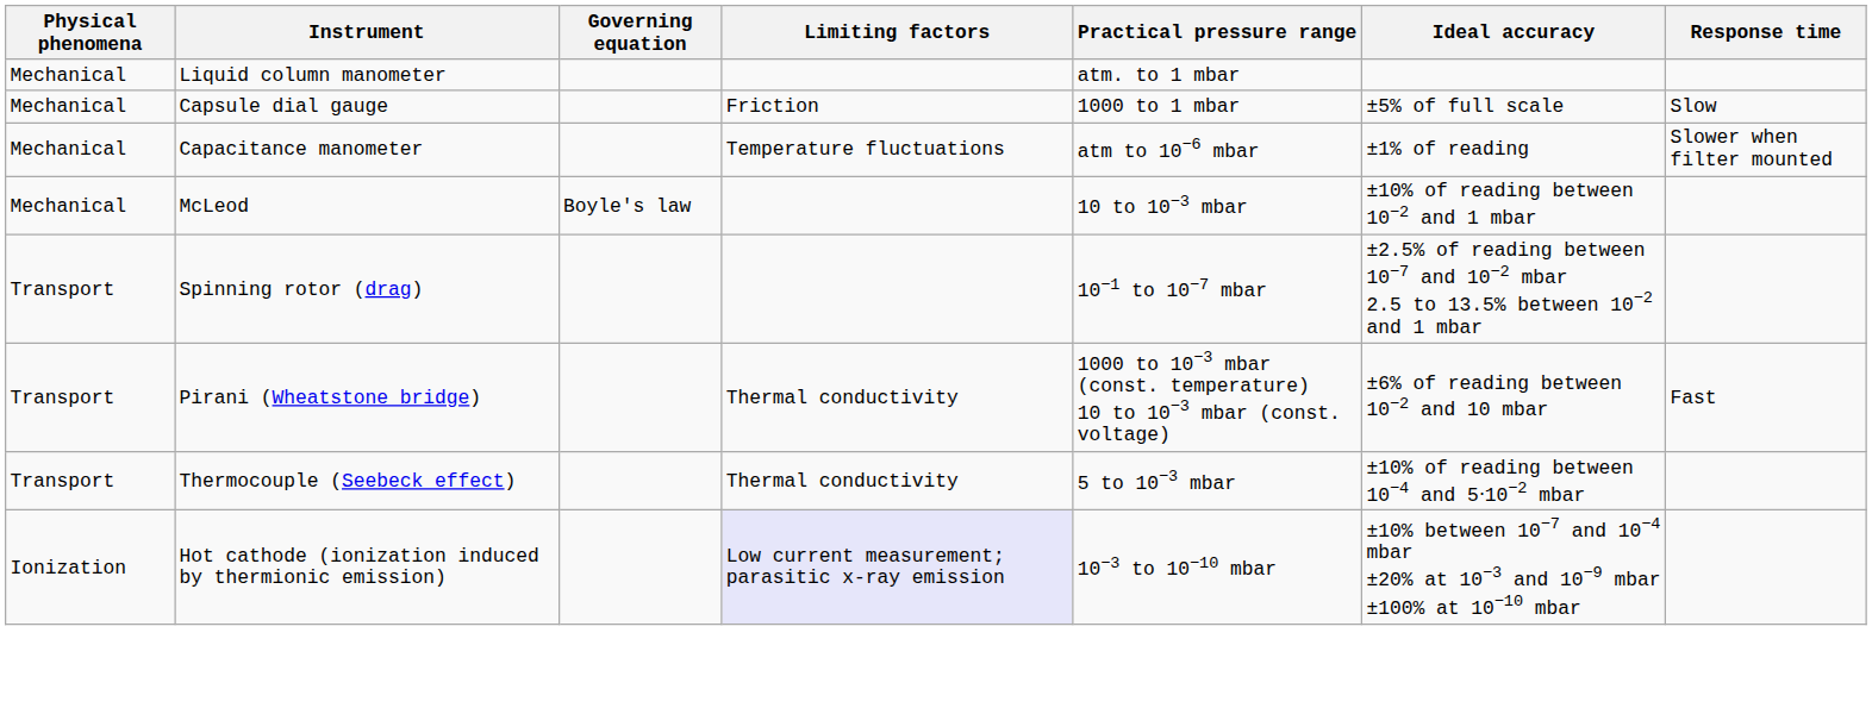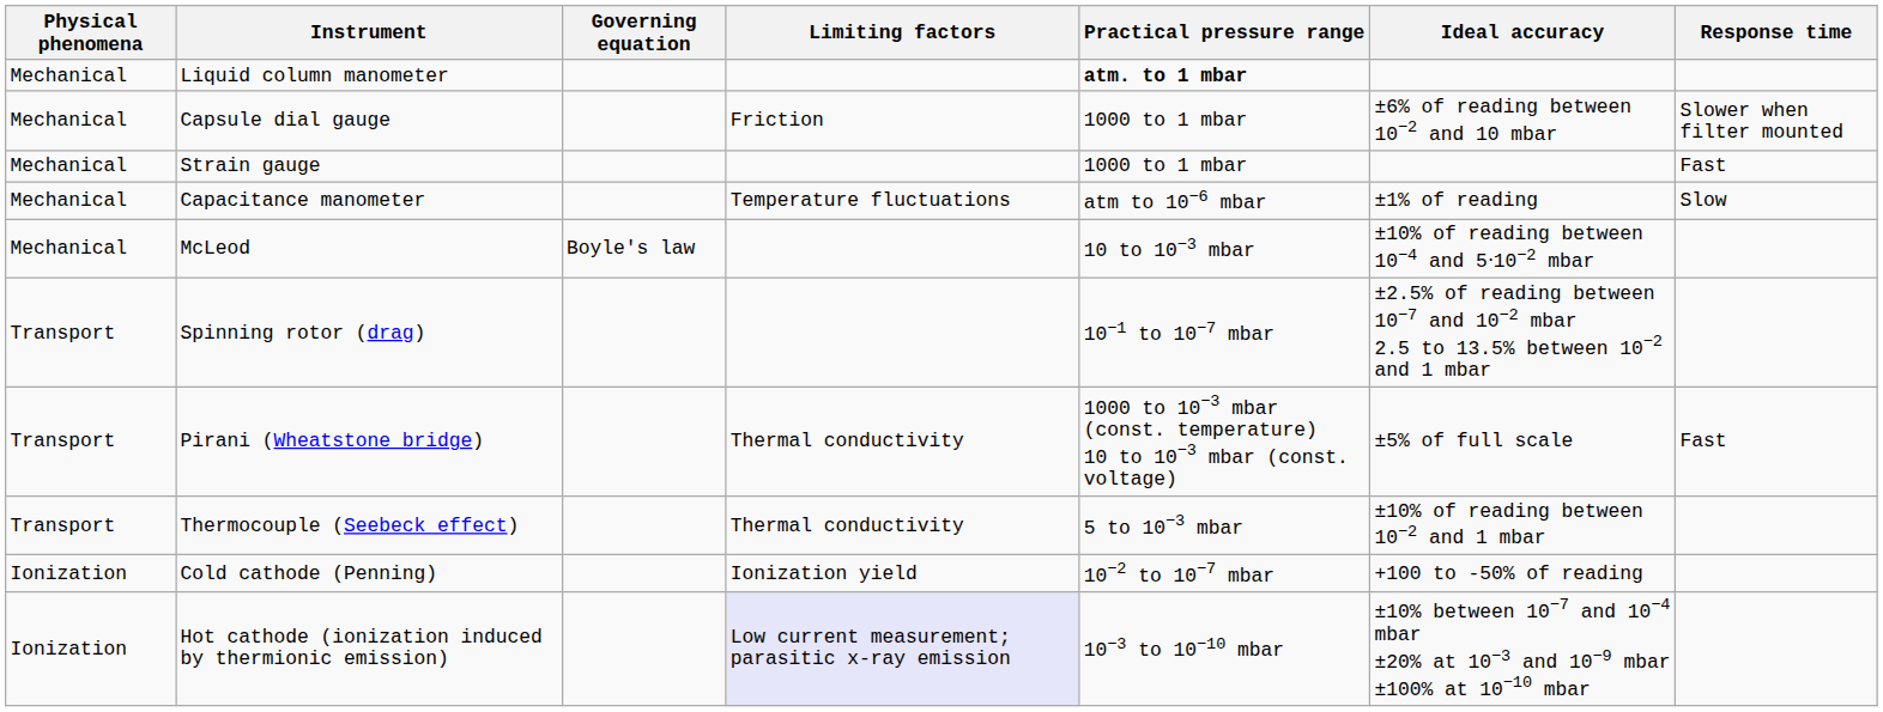 <table class="wikitable mw-collapsible">
 <tr>
 <th>Physical phenomena</th>
 <th>Instrument</th>
 <th>Governing equation</th>
 <th>Limiting factors</th>
 <th>Practical pressure range</th>
 <th>Ideal accuracy</th>
 <th>Response time</th>
 </tr>
 <tr>
 <td>Mechanical</td>
 <td>Liquid column manometer</td>
 <td></td>
 <td></td>
-<td>atm. to 1 mbar</td>
+<td><strong>atm. to 1 mbar</strong></td>
 <td></td>
 <td></td>
 </tr>
 <tr>
 <td>Mechanical</td>
 <td>Capsule dial gauge</td>
 <td></td>
 <td>Friction</td>
 <td>1000 to 1 mbar</td>
-<td>±5% of full scale</td>
-<td>Slow</td>
+<td>±6% of reading between 10<sup>−2</sup> and 10 mbar</td>
+<td>Slower when filter mounted</td>
+</tr>
+<tr>
+<td>Mechanical</td>
+<td>Strain gauge</td>
+<td></td>
+<td></td>
+<td>1000 to 1 mbar</td>
+<td></td>
+<td>Fast</td>
 </tr>
 <tr>
 <td>Mechanical</td>
 <td>Capacitance manometer</td>
 <td></td>
 <td>Temperature fluctuations</td>
 <td>atm to 10<sup>−6</sup> mbar</td>
 <td>±1% of reading</td>
-<td>Slower when filter mounted</td>
+<td>Slow</td>
 </tr>
 <tr>
 <td>Mechanical</td>
 <td>McLeod</td>
 <td>Boyle's law</td>
 <td></td>
 <td>10 to 10<sup>−3</sup> mbar</td>
-<td>±10% of reading between 10<sup>−2</sup> and 1 mbar</td>
+<td>±10% of reading between 10<sup>−4</sup> and 5⋅10<sup>−2</sup> mbar</td>
 <td></td>
 </tr>
 <tr>
 <td>Transport</td>
 <td>Spinning rotor (<a href='#'>drag</a>)</td>
 <td></td>
 <td></td>
 <td>10<sup>−1</sup> to 10<sup>−7</sup> mbar</td>
 <td>±2.5% of reading between 10<sup>−7</sup> and 10<sup>−2</sup> mbar<br>2.5 to 13.5% between 10<sup>−2</sup> and 1 mbar</td>
 <td></td>
 </tr>
 <tr>
 <td>Transport</td>
 <td>Pirani (<a href='#'>Wheatstone bridge</a>)</td>
 <td></td>
 <td>Thermal conductivity</td>
 <td>1000 to 10<sup>−3</sup> mbar (const. temperature)<br>10 to 10<sup>−3</sup> mbar (const. voltage)</td>
-<td>±6% of reading between 10<sup>−2</sup> and 10 mbar</td>
+<td>±5% of full scale</td>
 <td>Fast</td>
 </tr>
 <tr>
 <td>Transport</td>
 <td>Thermocouple (<a href='#'>Seebeck effect</a>)</td>
 <td></td>
 <td>Thermal conductivity</td>
 <td>5 to 10<sup>−3</sup> mbar</td>
-<td>±10% of reading between 10<sup>−4</sup> and 5⋅10<sup>−2</sup> mbar</td>
+<td>±10% of reading between 10<sup>−2</sup> and 1 mbar</td>
+<td></td>
+</tr>
+<tr>
+<td>Ionization</td>
+<td>Cold cathode (Penning)</td>
+<td></td>
+<td>Ionization yield</td>
+<td>10<sup>−2</sup> to 10<sup>−7</sup> mbar</td>
+<td>+100 to -50% of reading</td>
 <td></td>
 </tr>
 <tr>
 <td>Ionization</td>
 <td>Hot cathode (ionization induced by thermionic emission)</td>
 <td></td>
 <td style="background: lavender;">Low current measurement; parasitic x-ray emission</td>
 <td>10<sup>−3</sup> to 10<sup>−10</sup> mbar</td>
 <td>±10% between 10<sup>−7</sup> and 10<sup>−4</sup> mbar<br>±20% at 10<sup>−3</sup> and 10<sup>−9</sup> mbar ±100% at 10<sup>−10</sup> mbar</td>
 <td></td>
 </tr>
 </table>
